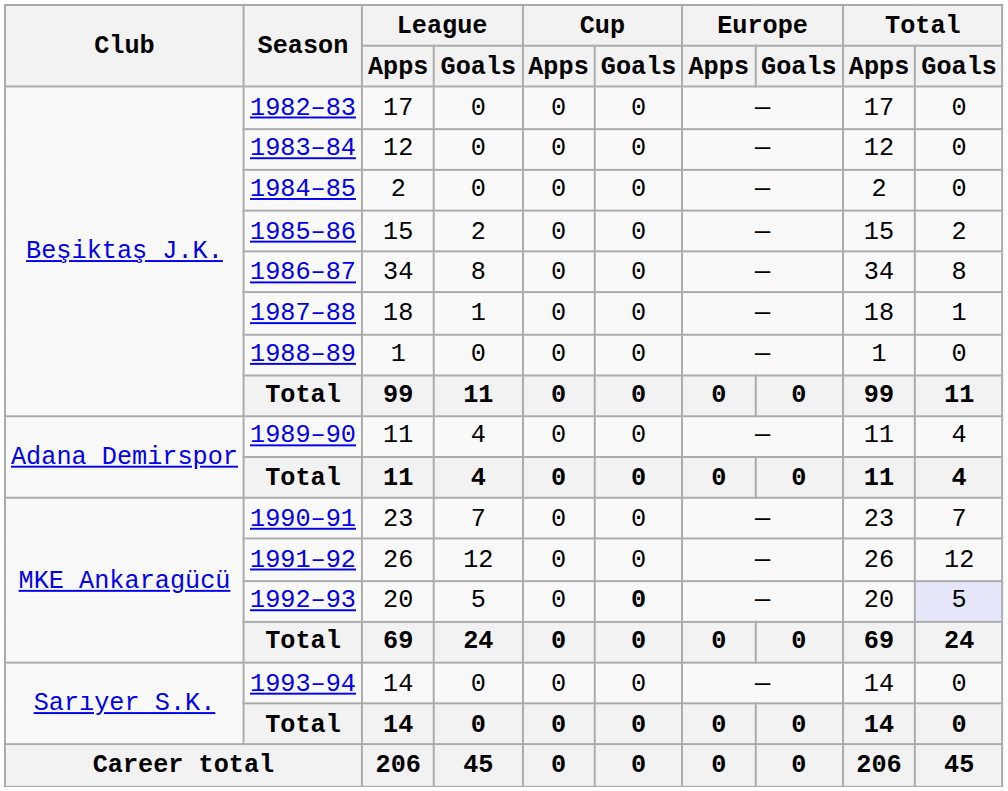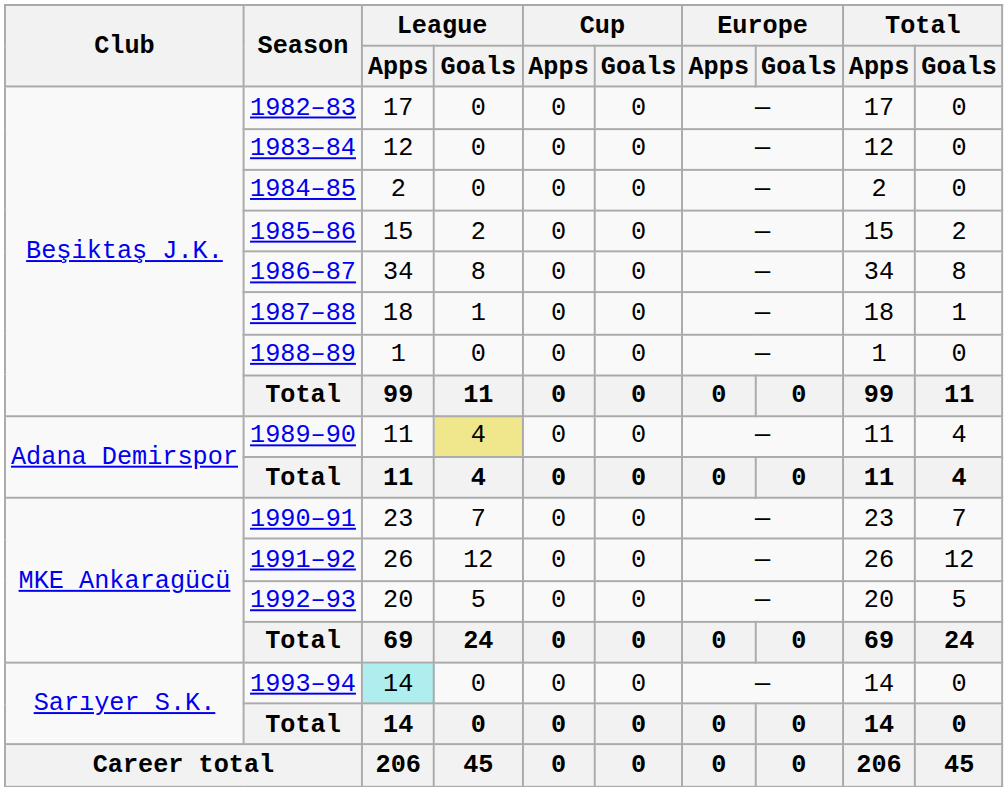 <table class="wikitable" style="text-align: center;">
 <tr>
 </tr>
 <tr>
 <th rowspan="2">Club</th>
 <th rowspan="2">Season</th>
 <th colspan="2">League</th>
 <th colspan="2">Cup</th>
 <th colspan="2">Europe</th>
 <th colspan="2">Total</th>
 </tr>
 <tr>
 <th>Apps</th>
 <th>Goals</th>
 <th>Apps</th>
 <th>Goals</th>
 <th>Apps</th>
 <th>Goals</th>
 <th>Apps</th>
 <th>Goals</th>
 </tr>
 <tr>
 <td rowspan="8" valign="center"><a href='#'>Beşiktaş J.K.</a></td>
 <td><a href='#'>1982–83</a></td>
 <td>17</td>
 <td>0</td>
 <td>0</td>
 <td>0</td>
 <td colspan="2">—</td>
 <td>17</td>
 <td>0</td>
 </tr>
 <tr>
 <td><a href='#'>1983–84</a></td>
 <td>12</td>
 <td>0</td>
 <td>0</td>
 <td>0</td>
 <td colspan="2">—</td>
 <td>12</td>
 <td>0</td>
 </tr>
 <tr>
 <td><a href='#'>1984–85</a></td>
 <td>2</td>
 <td>0</td>
 <td>0</td>
 <td>0</td>
 <td colspan="2">—</td>
 <td>2</td>
 <td>0</td>
 </tr>
 <tr>
 <td><a href='#'>1985–86</a></td>
 <td>15</td>
 <td>2</td>
 <td>0</td>
 <td>0</td>
 <td colspan="2">—</td>
 <td>15</td>
 <td>2</td>
 </tr>
 <tr>
 <td><a href='#'>1986–87</a></td>
 <td>34</td>
 <td>8</td>
 <td>0</td>
 <td>0</td>
 <td colspan="2">—</td>
 <td>34</td>
 <td>8</td>
 </tr>
 <tr>
 <td><a href='#'>1987–88</a></td>
 <td>18</td>
 <td>1</td>
 <td>0</td>
 <td>0</td>
 <td colspan="2">—</td>
 <td>18</td>
 <td>1</td>
 </tr>
 <tr>
 <td><a href='#'>1988–89</a></td>
 <td>1</td>
 <td>0</td>
 <td>0</td>
 <td>0</td>
 <td colspan="2">—</td>
 <td>1</td>
 <td>0</td>
 </tr>
 <tr>
 <th>Total</th>
 <th>99</th>
 <th>11</th>
 <th>0</th>
 <th>0</th>
 <th>0</th>
 <th>0</th>
 <th>99</th>
 <th>11</th>
 </tr>
 <tr>
 <td rowspan="2" valign="center"><a href='#'>Adana Demirspor</a></td>
 <td><a href='#'>1989–90</a></td>
 <td>11</td>
-<td>4</td>
+<td style="background: khaki;">4</td>
 <td>0</td>
 <td>0</td>
 <td colspan="2">—</td>
 <td>11</td>
 <td>4</td>
 </tr>
 <tr>
 <th>Total</th>
 <th>11</th>
 <th>4</th>
 <th>0</th>
 <th>0</th>
 <th>0</th>
 <th>0</th>
 <th>11</th>
 <th>4</th>
 </tr>
 <tr>
 <td rowspan="4" valign="center"><a href='#'>MKE Ankaragücü</a></td>
 <td><a href='#'>1990–91</a></td>
 <td>23</td>
 <td>7</td>
 <td>0</td>
 <td>0</td>
 <td colspan="2">—</td>
 <td>23</td>
 <td>7</td>
 </tr>
 <tr>
 <td><a href='#'>1991–92</a></td>
 <td>26</td>
 <td>12</td>
 <td>0</td>
 <td>0</td>
 <td colspan="2">—</td>
 <td>26</td>
 <td>12</td>
 </tr>
 <tr>
 <td><a href='#'>1992–93</a></td>
 <td>20</td>
 <td>5</td>
 <td>0</td>
-<td><strong>0</strong></td>
+<td>0</td>
 <td colspan="2">—</td>
 <td>20</td>
-<td style="background: lavender;">5</td>
+<td>5</td>
 </tr>
 <tr>
 <th>Total</th>
 <th>69</th>
 <th>24</th>
 <th>0</th>
 <th>0</th>
 <th>0</th>
 <th>0</th>
 <th>69</th>
 <th>24</th>
 </tr>
 <tr>
 <td rowspan="2" valign="center"><a href='#'>Sarıyer S.K.</a></td>
 <td><a href='#'>1993–94</a></td>
-<td>14</td>
+<td style="background: paleturquoise;">14</td>
 <td>0</td>
 <td>0</td>
 <td>0</td>
 <td colspan="2">—</td>
 <td>14</td>
 <td>0</td>
 </tr>
 <tr>
 <th>Total</th>
 <th>14</th>
 <th>0</th>
 <th>0</th>
 <th>0</th>
 <th>0</th>
 <th>0</th>
 <th>14</th>
 <th>0</th>
 </tr>
 <tr>
 <th colspan="2">Career total</th>
 <th>206</th>
 <th>45</th>
 <th>0</th>
 <th>0</th>
 <th>0</th>
 <th>0</th>
 <th>206</th>
 <th>45</th>
 </tr>
 </table>
